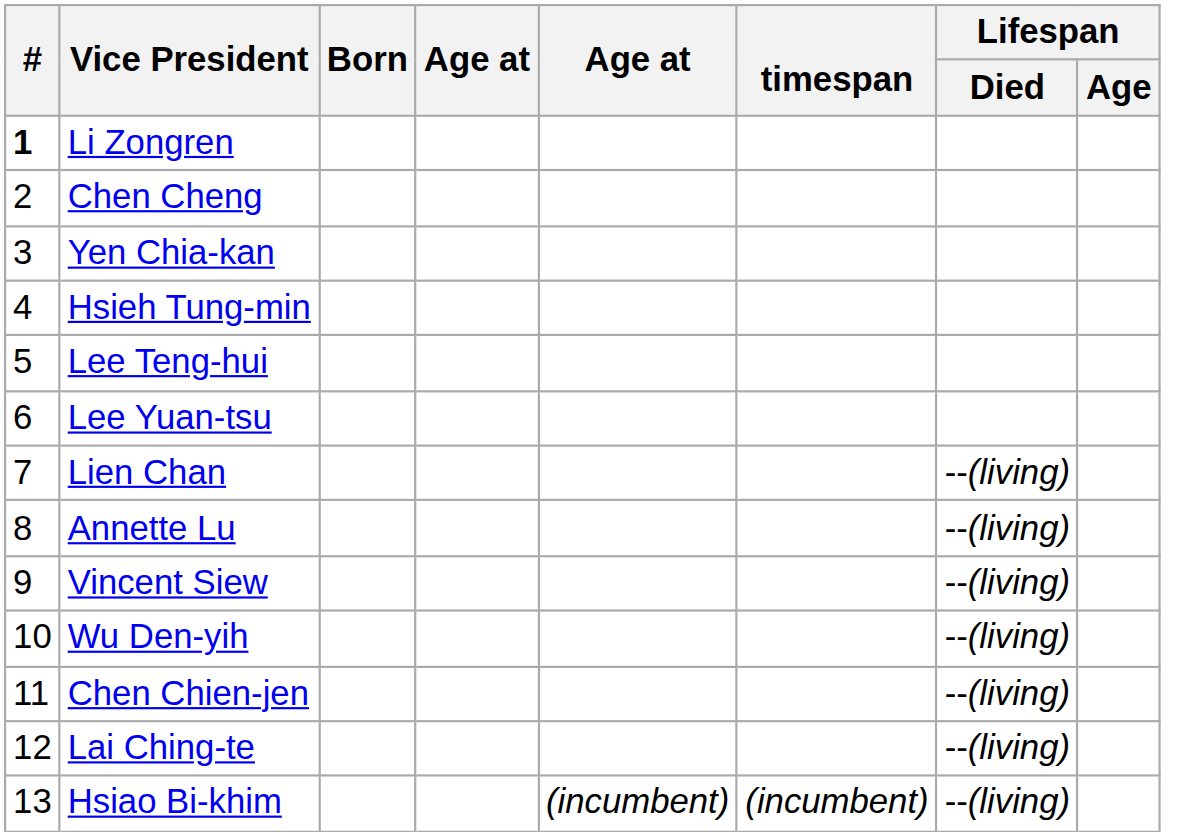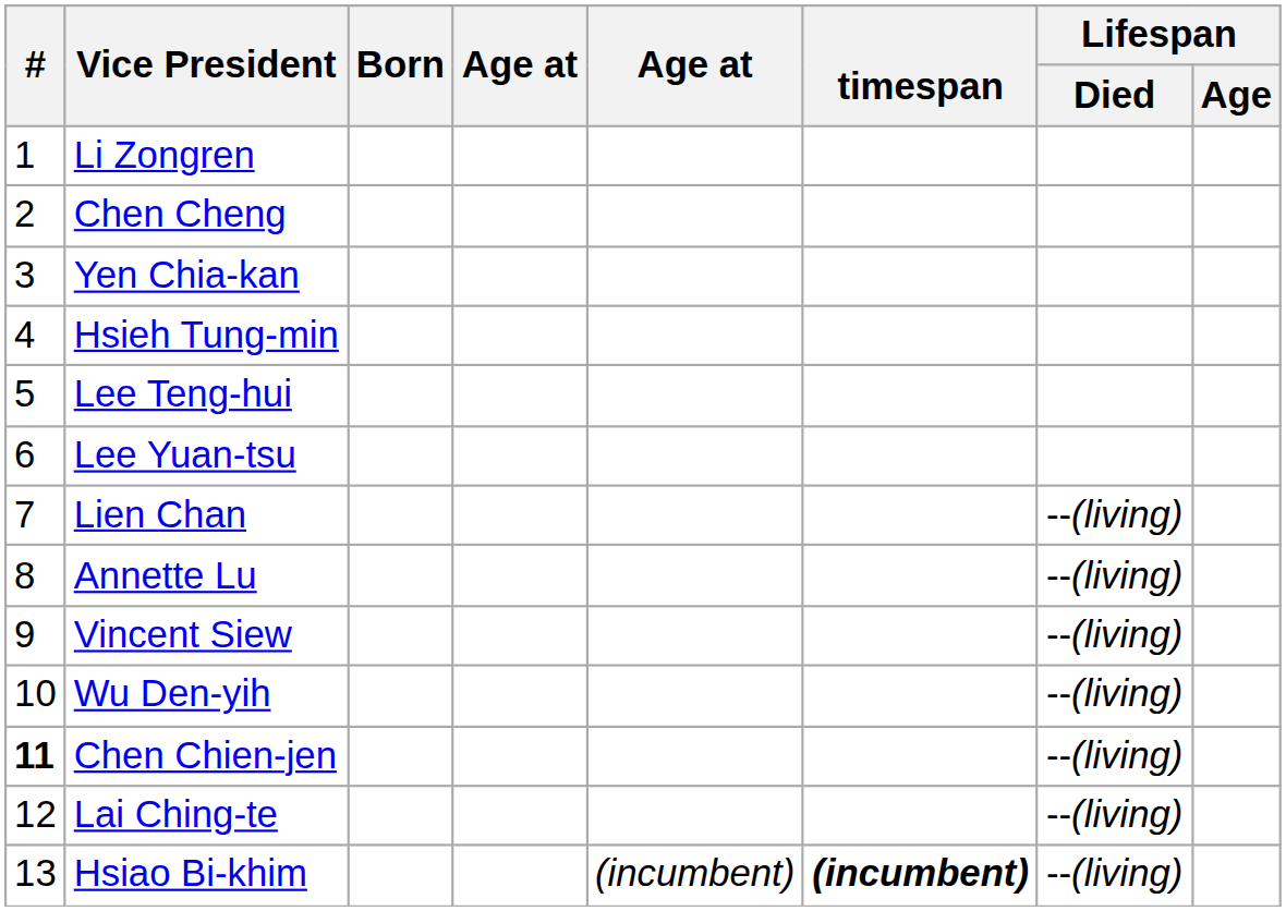 <table class="sortable wikitable">
 <tr>
 <th rowspan=2><abbr>#</abbr></th>
 <th rowspan=2>Vice President</th>
 <th rowspan=2>Born</th>
 <th rowspan=2>Age at<br></th>
 <th rowspan=2>Age at<br></th>
 <th rowspan=2><br>timespan</th>
 <th colspan=2>Lifespan</th>
 </tr>
 <tr>
 <th>Died</th>
 <th>Age</th>
 </tr>
 <tr style="text-align: left; background:#FFFFFF">
-<td><strong>1</strong></td>
+<td>1</td>
 <td data-sort-value="Li Zongren"><a href='#'>Li Zongren</a></td>
 <td></td>
 <td><br></td>
 <td><br></td>
 <td></td>
 <td></td>
 <td></td>
 </tr>
 <tr style="text-align: left; background:#FFFFFF">
 <td>2</td>
 <td data-sort-value="Chen Cheng"><a href='#'>Chen Cheng</a></td>
 <td></td>
 <td><br></td>
 <td><br></td>
 <td></td>
 <td></td>
 <td></td>
 </tr>
 <tr style="text-align: left; background:#FFFFFF">
 <td>3</td>
 <td data-sort-value="Yen"><a href='#'>Yen Chia-kan</a></td>
 <td></td>
 <td><br></td>
 <td><br></td>
 <td></td>
 <td></td>
 <td></td>
 </tr>
 <tr style="text-align: left; background:#FFFFFF">
 <td>4</td>
 <td data-sort-value="Hsieh"><a href='#'>Hsieh Tung-min</a></td>
 <td></td>
 <td><br></td>
 <td><br></td>
 <td></td>
 <td></td>
 <td></td>
 </tr>
 <tr style="text-align: left; background:#FFFFFF">
 <td>5</td>
 <td data-sort-value="Lee Teng-hui"><a href='#'>Lee Teng-hui</a></td>
 <td></td>
 <td><br></td>
 <td><br></td>
 <td></td>
 <td></td>
 <td></td>
 </tr>
 <tr style="text-align: left; background:#FFFFFF">
 <td>6</td>
 <td data-sort-value="Lee Yuan-tsu"><a href='#'>Lee Yuan-tsu</a></td>
 <td></td>
 <td><br></td>
 <td><br></td>
 <td></td>
 <td></td>
 <td></td>
 </tr>
 <tr style="text-align: left; background:#FFFFFF">
 <td>7</td>
 <td data-sort-value="Lien"><a href='#'>Lien Chan</a></td>
 <td></td>
 <td><br></td>
 <td><br></td>
 <td><em></em></td>
 <td><span>--</span><em>(living)</em></td>
 <td><em></em></td>
 </tr>
 <tr style="text-align: left; background:#FFFFFF">
 <td>8</td>
 <td data-sort-value="Lu"><a href='#'>Annette Lu</a></td>
 <td></td>
 <td><br></td>
 <td><br></td>
 <td><em></em></td>
 <td><span>--</span><em>(living)</em></td>
 <td><em></em></td>
 </tr>
 <tr style="text-align: left; background:#FFFFFF">
 <td>9</td>
 <td data-sort-value="Siew"><a href='#'>Vincent Siew</a></td>
 <td></td>
 <td><br></td>
 <td><br></td>
 <td><em></em></td>
 <td><span>--</span><em>(living)</em></td>
 <td><em></em></td>
 </tr>
 <tr style="text-align: left; background:#FFFFFF">
 <td>10</td>
 <td data-sort-value="Wu"><a href='#'>Wu Den-yih</a></td>
 <td></td>
 <td><br></td>
 <td><br></td>
 <td><em></em></td>
 <td><span>--</span><em>(living)</em></td>
 <td><em></em></td>
 </tr>
 <tr style="text-align: left; background:#FFFFFF">
-<td>11</td>
+<td><strong>11</strong></td>
 <td data-sort-value="Chen Chien-jen"><a href='#'>Chen Chien-jen</a></td>
 <td></td>
 <td><br></td>
 <td><br></td>
 <td><em></em></td>
 <td><span>--</span><em>(living)</em></td>
 <td><em></em></td>
 </tr>
 <tr style="text-align: left; background:#FFFFFF">
 <td>12</td>
 <td data-sort-value="Lai"><a href='#'>Lai Ching-te</a></td>
 <td></td>
 <td><br></td>
 <td><br></td>
 <td><em></em></td>
 <td><span>--</span><em>(living)</em></td>
 <td><em></em></td>
 </tr>
 <tr style="text-align: left; background:#FFFFFF">
 <td>13</td>
 <td data-sort-value="Hsiao"><a href='#'>Hsiao Bi-khim</a></td>
 <td></td>
 <td><br></td>
 <td><span></span><em>(incumbent)</em></td>
-<td><em>(incumbent)</em></td>
+<td><strong><em>(incumbent)</em></strong></td>
 <td><span>--</span><em>(living)</em></td>
 <td><em></em></td>
 </tr>
 </table>
